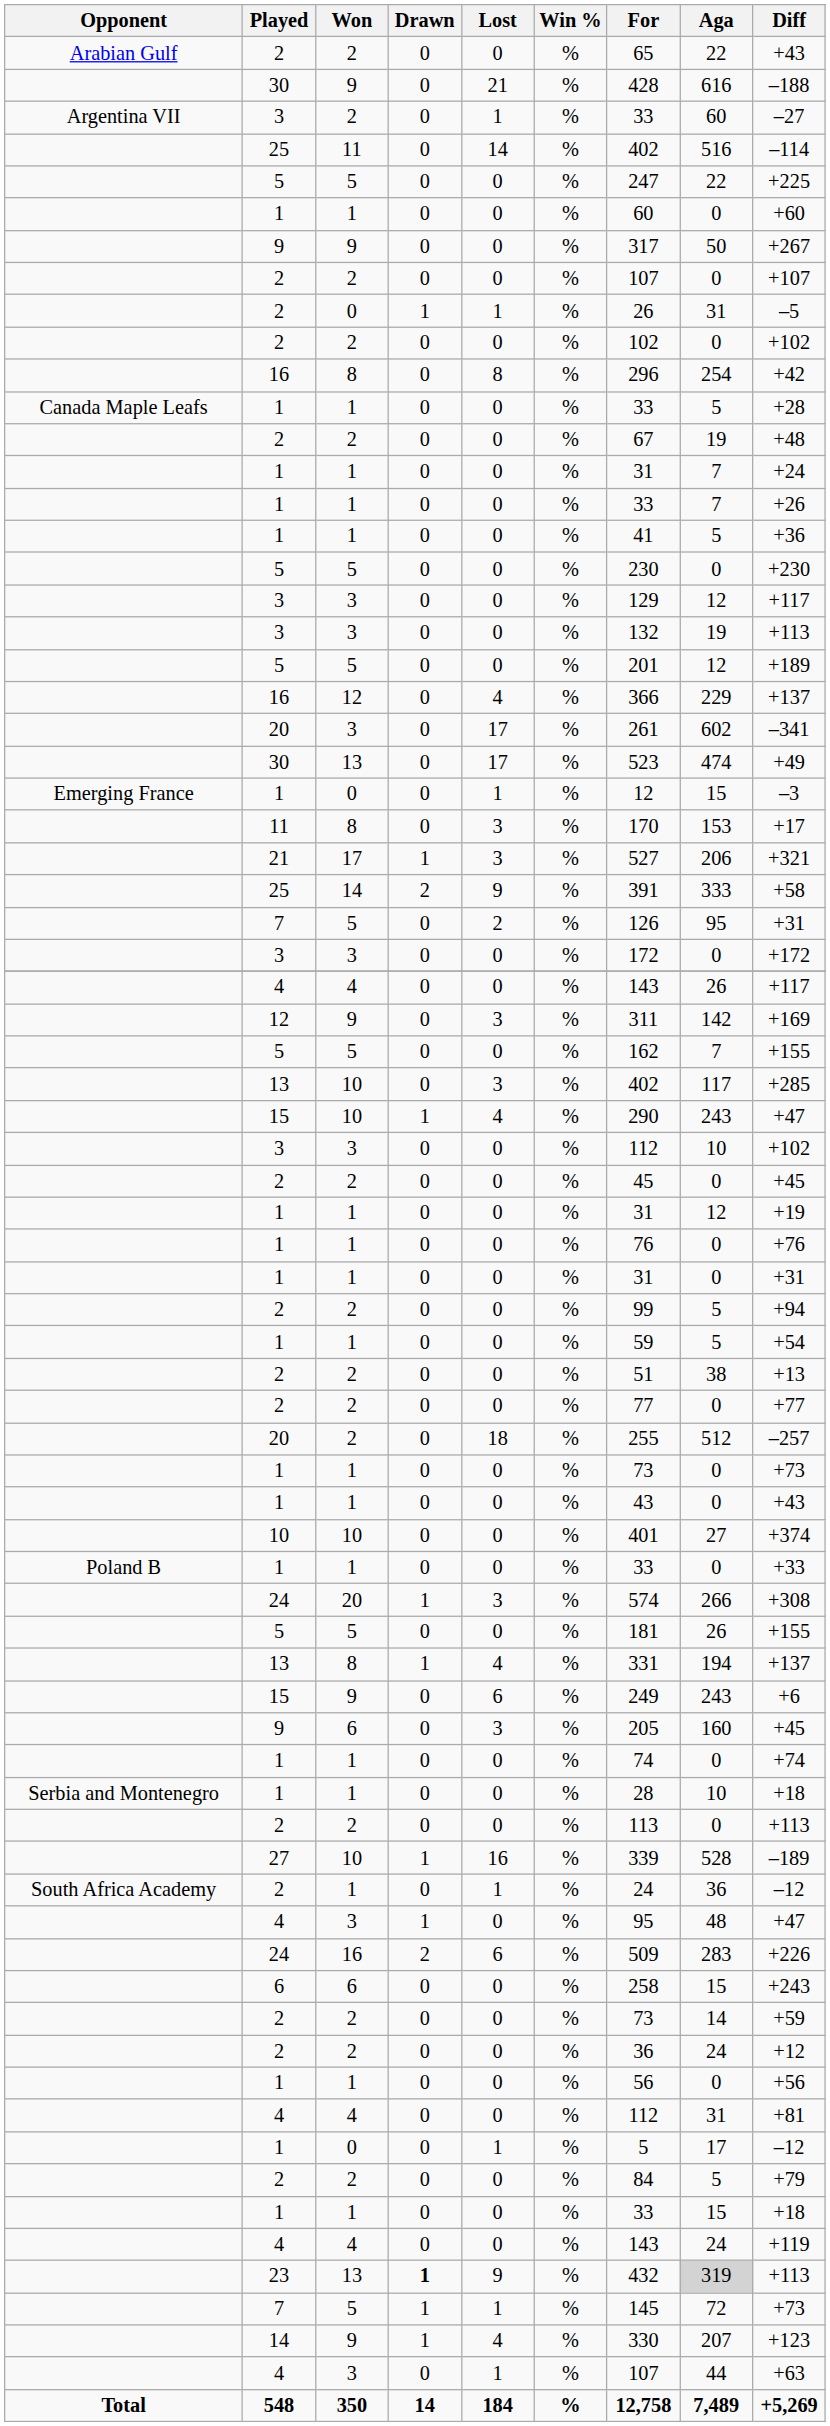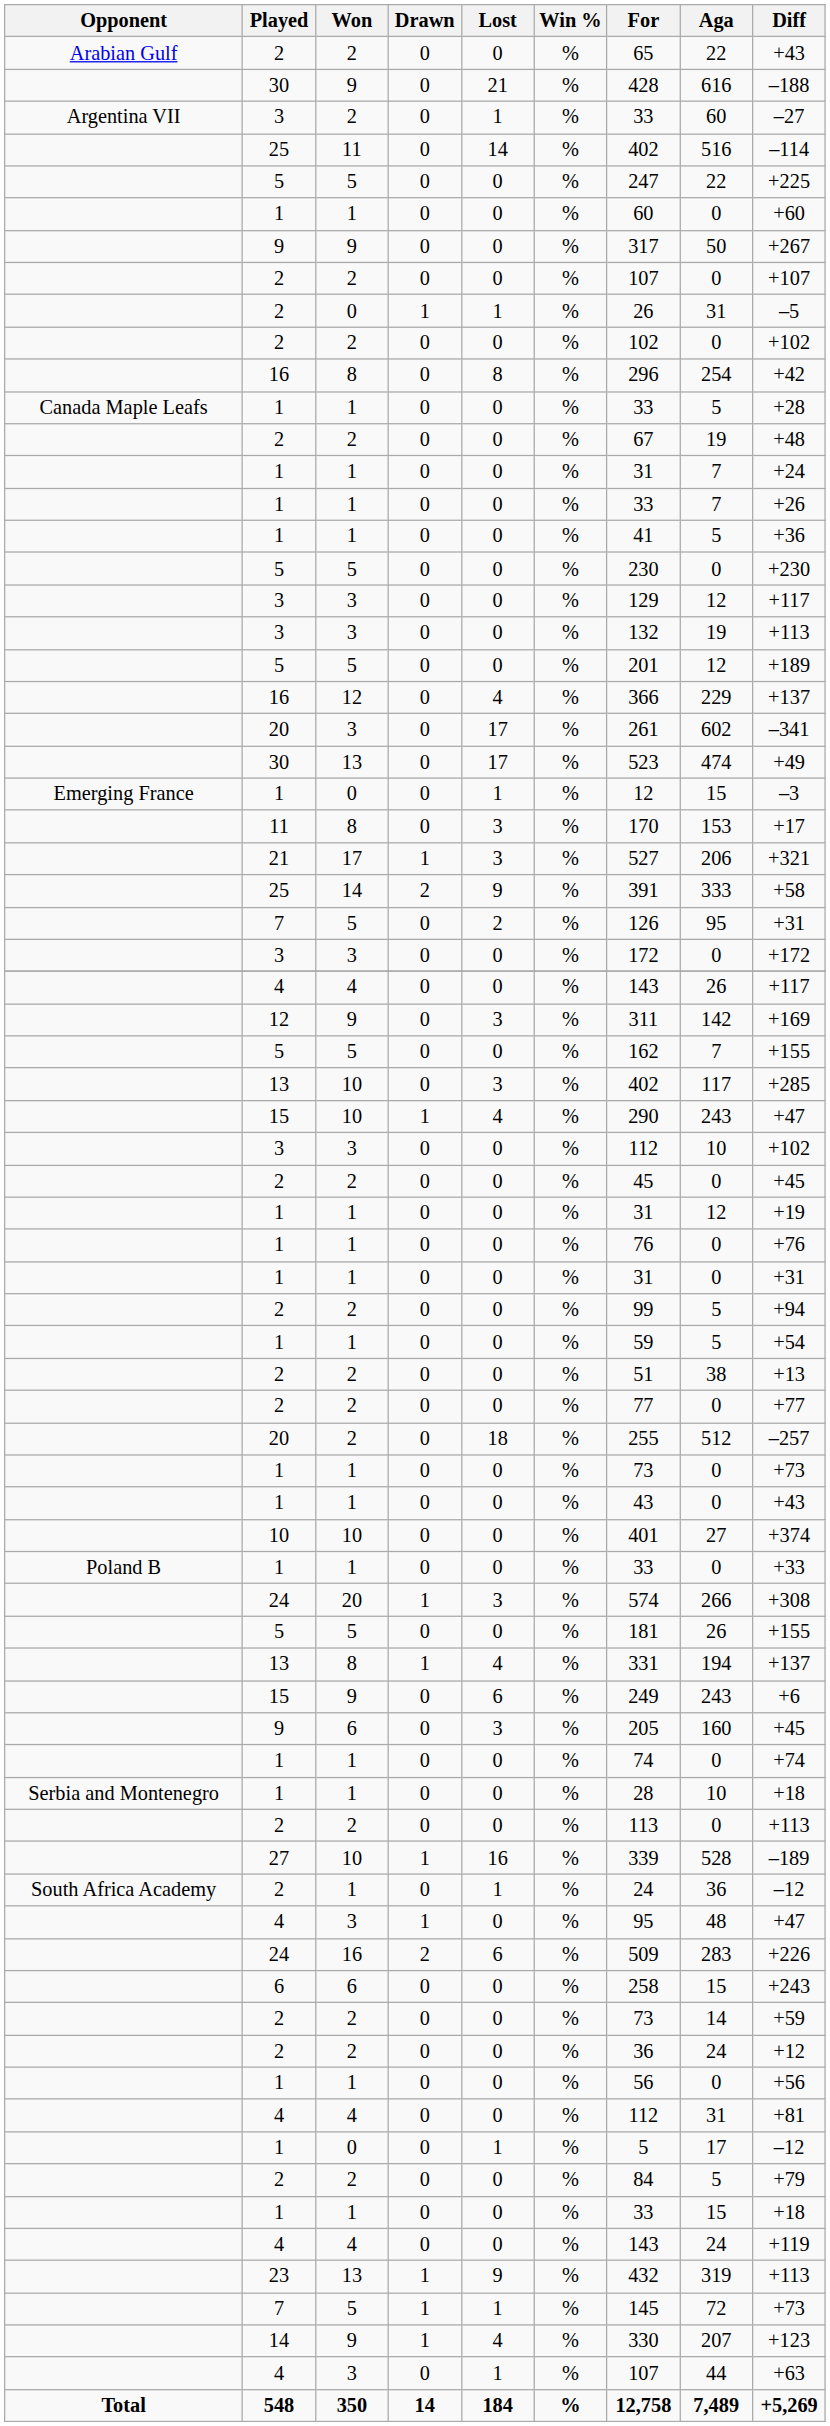 <table class="wikitable collapsible collapsed sortable" style="text-align: center;" style="font-size:90%">
 <tr>
 <th style="width:180px;">Opponent</th>
 <th style="width:50px;">Played</th>
 <th style="width:50px;">Won</th>
 <th style="width:50px;">Drawn</th>
 <th style="width:50px;">Lost</th>
 <th style="width:50px;">Win %</th>
 <th style="width:50px;">For</th>
 <th style="width:50px;">Aga</th>
 <th style="width:50px;">Diff</th>
 </tr>
 <tr>
 <td><a href='#'>Arabian Gulf</a></td>
 <td>2</td>
 <td>2</td>
 <td>0</td>
 <td>0</td>
 <td>%</td>
 <td>65</td>
 <td>22</td>
 <td>+43</td>
 </tr>
 <tr>
 <td></td>
 <td>30</td>
 <td>9</td>
 <td>0</td>
 <td>21</td>
 <td>%</td>
 <td>428</td>
 <td>616</td>
 <td>–188</td>
 </tr>
 <tr>
 <td> Argentina VII</td>
 <td>3</td>
 <td>2</td>
 <td>0</td>
 <td>1</td>
 <td>%</td>
 <td>33</td>
 <td>60</td>
 <td>–27</td>
 </tr>
 <tr>
 <td></td>
 <td>25</td>
 <td>11</td>
 <td>0</td>
 <td>14</td>
 <td>%</td>
 <td>402</td>
 <td>516</td>
 <td>–114</td>
 </tr>
 <tr>
 <td></td>
 <td>5</td>
 <td>5</td>
 <td>0</td>
 <td>0</td>
 <td>%</td>
 <td>247</td>
 <td>22</td>
 <td>+225</td>
 </tr>
 <tr>
 <td></td>
 <td>1</td>
 <td>1</td>
 <td>0</td>
 <td>0</td>
 <td>%</td>
 <td>60</td>
 <td>0</td>
 <td>+60</td>
 </tr>
 <tr>
 <td></td>
 <td>9</td>
 <td>9</td>
 <td>0</td>
 <td>0</td>
 <td>%</td>
 <td>317</td>
 <td>50</td>
 <td>+267</td>
 </tr>
 <tr>
 <td></td>
 <td>2</td>
 <td>2</td>
 <td>0</td>
 <td>0</td>
 <td>%</td>
 <td>107</td>
 <td>0</td>
 <td>+107</td>
 </tr>
 <tr>
 <td></td>
 <td>2</td>
 <td>0</td>
 <td>1</td>
 <td>1</td>
 <td>%</td>
 <td>26</td>
 <td>31</td>
 <td>–5</td>
 </tr>
 <tr>
 <td></td>
 <td>2</td>
 <td>2</td>
 <td>0</td>
 <td>0</td>
 <td>%</td>
 <td>102</td>
 <td>0</td>
 <td>+102</td>
 </tr>
 <tr>
 <td></td>
 <td>16</td>
 <td>8</td>
 <td>0</td>
 <td>8</td>
 <td>%</td>
 <td>296</td>
 <td>254</td>
 <td>+42</td>
 </tr>
 <tr>
 <td> Canada Maple Leafs</td>
 <td>1</td>
 <td>1</td>
 <td>0</td>
 <td>0</td>
 <td>%</td>
 <td>33</td>
 <td>5</td>
 <td>+28</td>
 </tr>
 <tr>
 <td></td>
 <td>2</td>
 <td>2</td>
 <td>0</td>
 <td>0</td>
 <td>%</td>
 <td>67</td>
 <td>19</td>
 <td>+48</td>
 </tr>
 <tr>
 <td></td>
 <td>1</td>
 <td>1</td>
 <td>0</td>
 <td>0</td>
 <td>%</td>
 <td>31</td>
 <td>7</td>
 <td>+24</td>
 </tr>
 <tr>
 <td></td>
 <td>1</td>
 <td>1</td>
 <td>0</td>
 <td>0</td>
 <td>%</td>
 <td>33</td>
 <td>7</td>
 <td>+26</td>
 </tr>
 <tr>
 <td></td>
 <td>1</td>
 <td>1</td>
 <td>0</td>
 <td>0</td>
 <td>%</td>
 <td>41</td>
 <td>5</td>
 <td>+36</td>
 </tr>
 <tr>
 <td></td>
 <td>5</td>
 <td>5</td>
 <td>0</td>
 <td>0</td>
 <td>%</td>
 <td>230</td>
 <td>0</td>
 <td>+230</td>
 </tr>
 <tr>
 <td></td>
 <td>3</td>
 <td>3</td>
 <td>0</td>
 <td>0</td>
 <td>%</td>
 <td>129</td>
 <td>12</td>
 <td>+117</td>
 </tr>
 <tr>
 <td></td>
 <td>3</td>
 <td>3</td>
 <td>0</td>
 <td>0</td>
 <td>%</td>
 <td>132</td>
 <td>19</td>
 <td>+113</td>
 </tr>
 <tr>
 <td></td>
 <td>5</td>
 <td>5</td>
 <td>0</td>
 <td>0</td>
 <td>%</td>
 <td>201</td>
 <td>12</td>
 <td>+189</td>
 </tr>
 <tr>
 <td></td>
 <td>16</td>
 <td>12</td>
 <td>0</td>
 <td>4</td>
 <td>%</td>
 <td>366</td>
 <td>229</td>
 <td>+137</td>
 </tr>
 <tr>
 <td></td>
 <td>20</td>
 <td>3</td>
 <td>0</td>
 <td>17</td>
 <td>%</td>
 <td>261</td>
 <td>602</td>
 <td>–341</td>
 </tr>
 <tr>
 <td></td>
 <td>30</td>
 <td>13</td>
 <td>0</td>
 <td>17</td>
 <td>%</td>
 <td>523</td>
 <td>474</td>
 <td>+49</td>
 </tr>
 <tr>
 <td> Emerging France</td>
 <td>1</td>
 <td>0</td>
 <td>0</td>
 <td>1</td>
 <td>%</td>
 <td>12</td>
 <td>15</td>
 <td>–3</td>
 </tr>
 <tr>
 <td></td>
 <td>11</td>
 <td>8</td>
 <td>0</td>
 <td>3</td>
 <td>%</td>
 <td>170</td>
 <td>153</td>
 <td>+17</td>
 </tr>
 <tr>
 <td></td>
 <td>21</td>
 <td>17</td>
 <td>1</td>
 <td>3</td>
 <td>%</td>
 <td>527</td>
 <td>206</td>
 <td>+321</td>
 </tr>
 <tr>
 <td></td>
 <td>25</td>
 <td>14</td>
 <td>2</td>
 <td>9</td>
 <td>%</td>
 <td>391</td>
 <td>333</td>
 <td>+58</td>
 </tr>
 <tr>
 <td></td>
 <td>7</td>
 <td>5</td>
 <td>0</td>
 <td>2</td>
 <td>%</td>
 <td>126</td>
 <td>95</td>
 <td>+31</td>
 </tr>
 <tr>
 <td></td>
 <td>3</td>
 <td>3</td>
 <td>0</td>
 <td>0</td>
 <td>%</td>
 <td>172</td>
 <td>0</td>
 <td>+172</td>
 </tr>
 <tr>
 </tr>
 <tr>
 <td></td>
 <td>4</td>
 <td>4</td>
 <td>0</td>
 <td>0</td>
 <td>%</td>
 <td>143</td>
 <td>26</td>
 <td>+117</td>
 </tr>
 <tr>
 <td></td>
 <td>12</td>
 <td>9</td>
 <td>0</td>
 <td>3</td>
 <td>%</td>
 <td>311</td>
 <td>142</td>
 <td>+169</td>
 </tr>
 <tr>
 <td></td>
 <td>5</td>
 <td>5</td>
 <td>0</td>
 <td>0</td>
 <td>%</td>
 <td>162</td>
 <td>7</td>
 <td>+155</td>
 </tr>
 <tr>
 <td></td>
 <td>13</td>
 <td>10</td>
 <td>0</td>
 <td>3</td>
 <td>%</td>
 <td>402</td>
 <td>117</td>
 <td>+285</td>
 </tr>
 <tr>
 <td></td>
 <td>15</td>
 <td>10</td>
 <td>1</td>
 <td>4</td>
 <td>%</td>
 <td>290</td>
 <td>243</td>
 <td>+47</td>
 </tr>
 <tr>
 <td></td>
 <td>3</td>
 <td>3</td>
 <td>0</td>
 <td>0</td>
 <td>%</td>
 <td>112</td>
 <td>10</td>
 <td>+102</td>
 </tr>
 <tr>
 <td></td>
 <td>2</td>
 <td>2</td>
 <td>0</td>
 <td>0</td>
 <td>%</td>
 <td>45</td>
 <td>0</td>
 <td>+45</td>
 </tr>
 <tr>
 <td></td>
 <td>1</td>
 <td>1</td>
 <td>0</td>
 <td>0</td>
 <td>%</td>
 <td>31</td>
 <td>12</td>
 <td>+19</td>
 </tr>
 <tr>
 <td></td>
 <td>1</td>
 <td>1</td>
 <td>0</td>
 <td>0</td>
 <td>%</td>
 <td>76</td>
 <td>0</td>
 <td>+76</td>
 </tr>
 <tr>
 <td></td>
 <td>1</td>
 <td>1</td>
 <td>0</td>
 <td>0</td>
 <td>%</td>
 <td>31</td>
 <td>0</td>
 <td>+31</td>
 </tr>
 <tr>
 <td></td>
 <td>2</td>
 <td>2</td>
 <td>0</td>
 <td>0</td>
 <td>%</td>
 <td>99</td>
 <td>5</td>
 <td>+94</td>
 </tr>
 <tr>
 <td></td>
 <td>1</td>
 <td>1</td>
 <td>0</td>
 <td>0</td>
 <td>%</td>
 <td>59</td>
 <td>5</td>
 <td>+54</td>
 </tr>
 <tr>
 <td></td>
 <td>2</td>
 <td>2</td>
 <td>0</td>
 <td>0</td>
 <td>%</td>
 <td>51</td>
 <td>38</td>
 <td>+13</td>
 </tr>
 <tr>
 <td></td>
 <td>2</td>
 <td>2</td>
 <td>0</td>
 <td>0</td>
 <td>%</td>
 <td>77</td>
 <td>0</td>
 <td>+77</td>
 </tr>
 <tr>
 <td></td>
 <td>20</td>
 <td>2</td>
 <td>0</td>
 <td>18</td>
 <td>%</td>
 <td>255</td>
 <td>512</td>
 <td>–257</td>
 </tr>
 <tr>
 <td></td>
 <td>1</td>
 <td>1</td>
 <td>0</td>
 <td>0</td>
 <td>%</td>
 <td>73</td>
 <td>0</td>
 <td>+73</td>
 </tr>
 <tr>
 <td></td>
 <td>1</td>
 <td>1</td>
 <td>0</td>
 <td>0</td>
 <td>%</td>
 <td>43</td>
 <td>0</td>
 <td>+43</td>
 </tr>
 <tr>
 <td></td>
 <td>10</td>
 <td>10</td>
 <td>0</td>
 <td>0</td>
 <td>%</td>
 <td>401</td>
 <td>27</td>
 <td>+374</td>
 </tr>
 <tr>
 <td> Poland B</td>
 <td>1</td>
 <td>1</td>
 <td>0</td>
 <td>0</td>
 <td>%</td>
 <td>33</td>
 <td>0</td>
 <td>+33</td>
 </tr>
 <tr>
 <td></td>
 <td>24</td>
 <td>20</td>
 <td>1</td>
 <td>3</td>
 <td>%</td>
 <td>574</td>
 <td>266</td>
 <td>+308</td>
 </tr>
 <tr>
 <td></td>
 <td>5</td>
 <td>5</td>
 <td>0</td>
 <td>0</td>
 <td>%</td>
 <td>181</td>
 <td>26</td>
 <td>+155</td>
 </tr>
 <tr>
 <td></td>
 <td>13</td>
 <td>8</td>
 <td>1</td>
 <td>4</td>
 <td>%</td>
 <td>331</td>
 <td>194</td>
 <td>+137</td>
 </tr>
 <tr>
 <td></td>
 <td>15</td>
 <td>9</td>
 <td>0</td>
 <td>6</td>
 <td>%</td>
 <td>249</td>
 <td>243</td>
 <td>+6</td>
 </tr>
 <tr>
 <td></td>
 <td>9</td>
 <td>6</td>
 <td>0</td>
 <td>3</td>
 <td>%</td>
 <td>205</td>
 <td>160</td>
 <td>+45</td>
 </tr>
 <tr>
 <td></td>
 <td>1</td>
 <td>1</td>
 <td>0</td>
 <td>0</td>
 <td>%</td>
 <td>74</td>
 <td>0</td>
 <td>+74</td>
 </tr>
 <tr>
 <td> Serbia and Montenegro</td>
 <td>1</td>
 <td>1</td>
 <td>0</td>
 <td>0</td>
 <td>%</td>
 <td>28</td>
 <td>10</td>
 <td>+18</td>
 </tr>
 <tr>
 <td></td>
 <td>2</td>
 <td>2</td>
 <td>0</td>
 <td>0</td>
 <td>%</td>
 <td>113</td>
 <td>0</td>
 <td>+113</td>
 </tr>
 <tr>
 <td></td>
 <td>27</td>
 <td>10</td>
 <td>1</td>
 <td>16</td>
 <td>%</td>
 <td>339</td>
 <td>528</td>
 <td>–189</td>
 </tr>
 <tr>
 <td> South Africa Academy</td>
 <td>2</td>
 <td>1</td>
 <td>0</td>
 <td>1</td>
 <td>%</td>
 <td>24</td>
 <td>36</td>
 <td>–12</td>
 </tr>
 <tr>
 <td></td>
 <td>4</td>
 <td>3</td>
 <td>1</td>
 <td>0</td>
 <td>%</td>
 <td>95</td>
 <td>48</td>
 <td>+47</td>
 </tr>
 <tr>
 <td></td>
 <td>24</td>
 <td>16</td>
 <td>2</td>
 <td>6</td>
 <td>%</td>
 <td>509</td>
 <td>283</td>
 <td>+226</td>
 </tr>
 <tr>
 <td></td>
 <td>6</td>
 <td>6</td>
 <td>0</td>
 <td>0</td>
 <td>%</td>
 <td>258</td>
 <td>15</td>
 <td>+243</td>
 </tr>
 <tr>
 <td></td>
 <td>2</td>
 <td>2</td>
 <td>0</td>
 <td>0</td>
 <td>%</td>
 <td>73</td>
 <td>14</td>
 <td>+59</td>
 </tr>
 <tr>
 <td></td>
 <td>2</td>
 <td>2</td>
 <td>0</td>
 <td>0</td>
 <td>%</td>
 <td>36</td>
 <td>24</td>
 <td>+12</td>
 </tr>
 <tr>
 <td></td>
 <td>1</td>
 <td>1</td>
 <td>0</td>
 <td>0</td>
 <td>%</td>
 <td>56</td>
 <td>0</td>
 <td>+56</td>
 </tr>
 <tr>
 <td></td>
 <td>4</td>
 <td>4</td>
 <td>0</td>
 <td>0</td>
 <td>%</td>
 <td>112</td>
 <td>31</td>
 <td>+81</td>
 </tr>
 <tr>
 <td></td>
 <td>1</td>
 <td>0</td>
 <td>0</td>
 <td>1</td>
 <td>%</td>
 <td>5</td>
 <td>17</td>
 <td>–12</td>
 </tr>
 <tr>
 <td></td>
 <td>2</td>
 <td>2</td>
 <td>0</td>
 <td>0</td>
 <td>%</td>
 <td>84</td>
 <td>5</td>
 <td>+79</td>
 </tr>
 <tr>
 <td></td>
 <td>1</td>
 <td>1</td>
 <td>0</td>
 <td>0</td>
 <td>%</td>
 <td>33</td>
 <td>15</td>
 <td>+18</td>
 </tr>
 <tr>
 <td></td>
 <td>4</td>
 <td>4</td>
 <td>0</td>
 <td>0</td>
 <td>%</td>
 <td>143</td>
 <td>24</td>
 <td>+119</td>
 </tr>
 <tr>
 <td></td>
 <td>23</td>
 <td>13</td>
-<td><strong>1</strong></td>
+<td>1</td>
 <td>9</td>
 <td>%</td>
 <td>432</td>
-<td style="background: lightgrey;">319</td>
+<td>319</td>
 <td>+113</td>
 </tr>
 <tr>
 <td></td>
 <td>7</td>
 <td>5</td>
 <td>1</td>
 <td>1</td>
 <td>%</td>
 <td>145</td>
 <td>72</td>
 <td>+73</td>
 </tr>
 <tr>
 <td></td>
 <td>14</td>
 <td>9</td>
 <td>1</td>
 <td>4</td>
 <td>%</td>
 <td>330</td>
 <td>207</td>
 <td>+123</td>
 </tr>
 <tr>
 <td></td>
 <td>4</td>
 <td>3</td>
 <td>0</td>
 <td>1</td>
 <td>%</td>
 <td>107</td>
 <td>44</td>
 <td>+63</td>
 </tr>
 <tr class="sortbottom">
 <td><strong>Total</strong></td>
 <td><strong>548</strong></td>
 <td><strong>350</strong></td>
 <td><strong>14</strong></td>
 <td><strong>184</strong></td>
 <td><strong>%</strong></td>
 <td><strong>12,758</strong></td>
 <td><strong>7,489</strong></td>
 <td><strong>+5,269</strong></td>
 </tr>
 </table>
